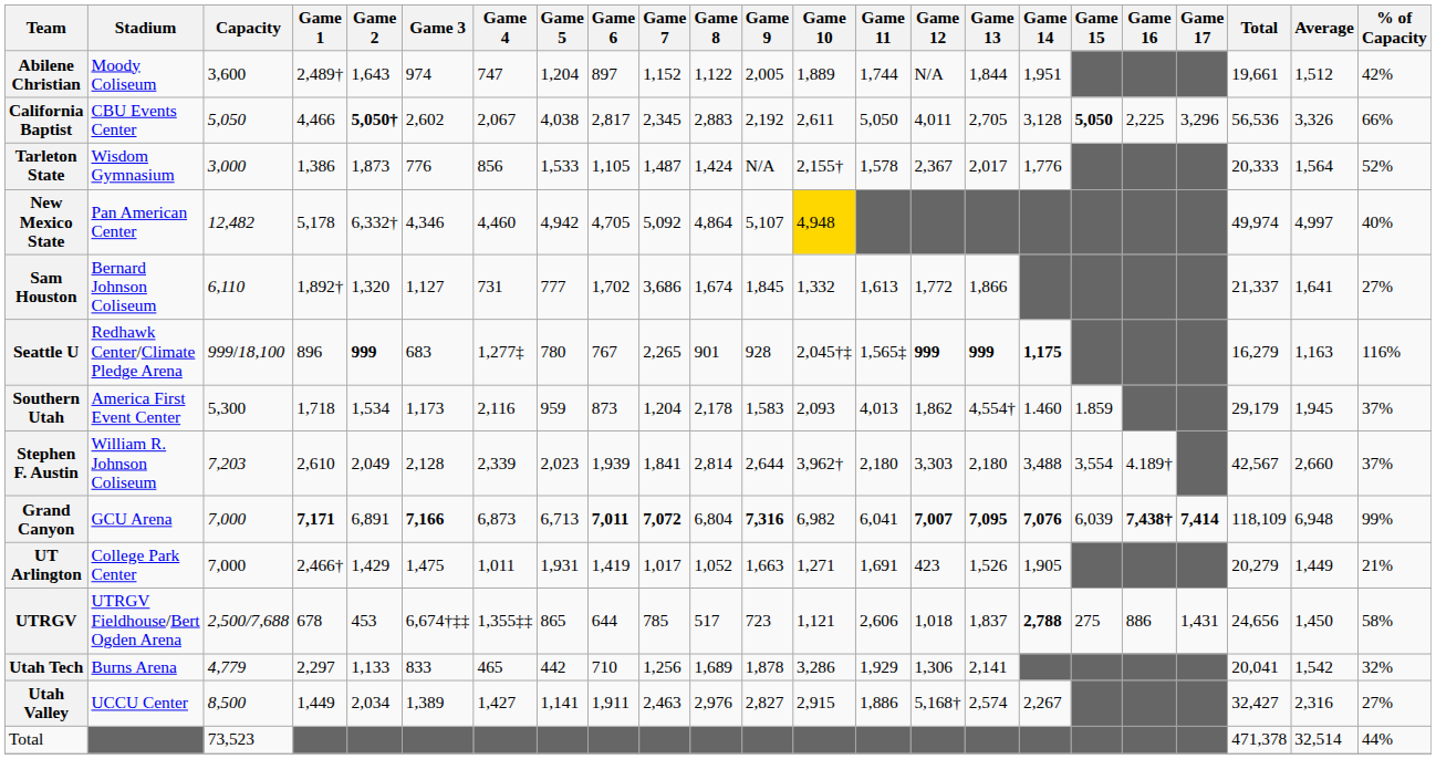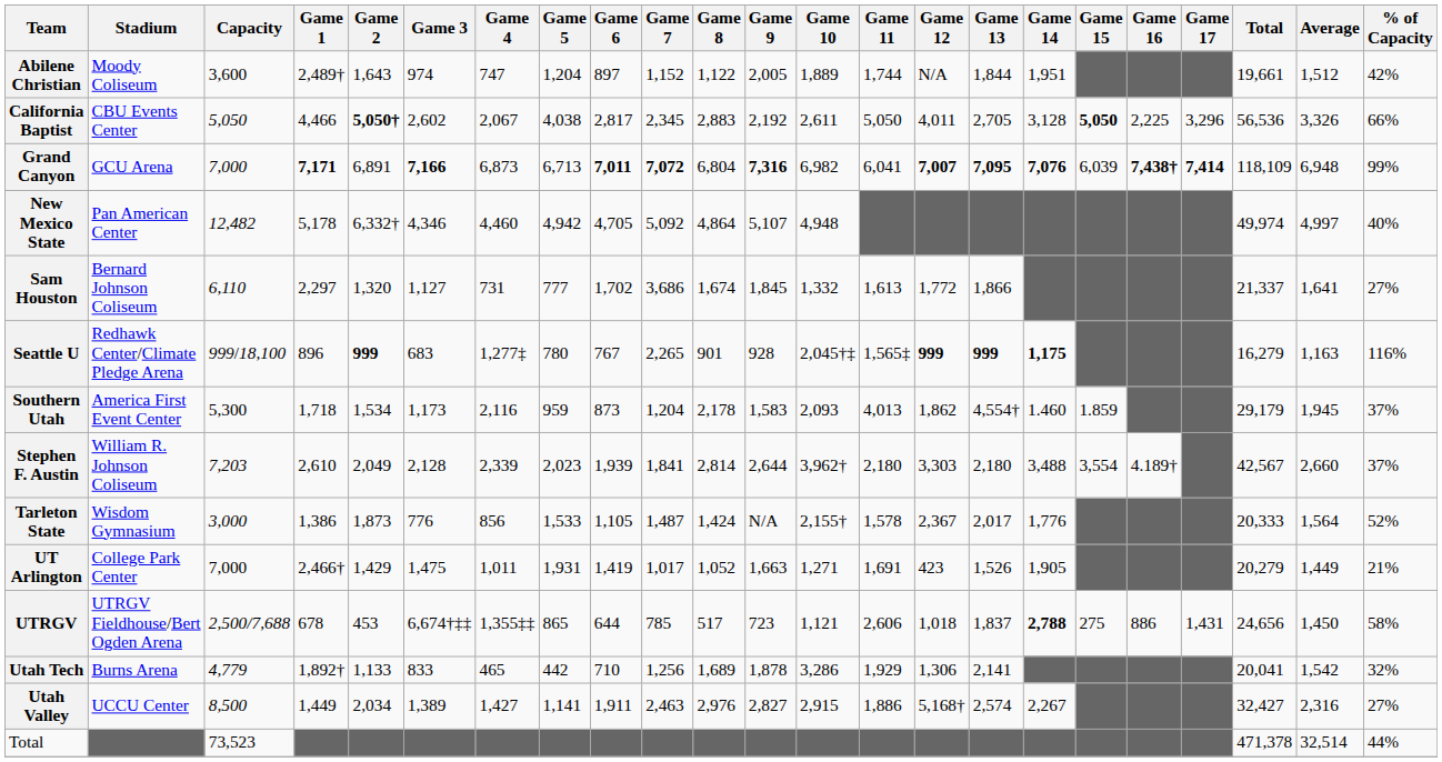 <table class="wikitable">
 <tr>
 <th>Team</th>
 <th>Stadium</th>
 <th>Capacity</th>
 <th>Game 1</th>
 <th>Game 2</th>
 <th>Game 3</th>
 <th>Game 4</th>
 <th>Game 5</th>
 <th>Game 6</th>
 <th>Game 7</th>
 <th>Game 8</th>
 <th>Game 9</th>
 <th>Game 10</th>
 <th>Game 11</th>
 <th>Game 12</th>
 <th>Game 13</th>
 <th>Game 14</th>
 <th>Game 15</th>
 <th>Game 16</th>
 <th>Game 17</th>
 <th>Total</th>
 <th>Average</th>
 <th>% of Capacity</th>
 </tr>
 <tr>
 <th style=>Abilene Christian</th>
 <td><a href='#'>Moody Coliseum</a></td>
 <td>3,600</td>
 <td>2,489†</td>
 <td>1,643</td>
 <td>974</td>
 <td>747</td>
 <td>1,204</td>
 <td>897</td>
 <td>1,152</td>
 <td>1,122</td>
 <td>2,005</td>
 <td>1,889</td>
 <td>1,744</td>
 <td>N/A</td>
 <td>1,844</td>
 <td>1,951</td>
 <td style="background:#666666;"></td>
 <td style="background:#666666;"></td>
 <td style="background:#666666;"></td>
 <td>19,661</td>
 <td>1,512</td>
 <td>42%</td>
 </tr>
 <tr>
 <th style=>California Baptist</th>
 <td><a href='#'>CBU Events Center</a></td>
 <td><em>5,050</em></td>
 <td>4,466</td>
 <td><strong>5,050†</strong></td>
 <td>2,602</td>
 <td>2,067</td>
 <td>4,038</td>
 <td>2,817</td>
 <td>2,345</td>
 <td>2,883</td>
 <td>2,192</td>
 <td>2,611</td>
 <td>5,050</td>
 <td>4,011</td>
 <td>2,705</td>
 <td>3,128</td>
 <td><strong>5,050</strong></td>
 <td>2,225</td>
 <td>3,296</td>
 <td>56,536</td>
 <td>3,326</td>
 <td>66%</td>
 </tr>
 <tr>
-<th style=>Tarleton State</th>
-<td><a href='#'>Wisdom Gymnasium</a></td>
-<td><em>3,000</em></td>
-<td>1,386</td>
-<td>1,873</td>
-<td>776</td>
-<td>856</td>
-<td>1,533</td>
-<td>1,105</td>
-<td>1,487</td>
-<td>1,424</td>
-<td>N/A</td>
-<td>2,155†</td>
-<td>1,578</td>
-<td>2,367</td>
-<td>2,017</td>
-<td>1,776</td>
-<td style="background:#666666;"></td>
-<td style="background:#666666;"></td>
-<td style="background:#666666;"></td>
-<td>20,333</td>
-<td>1,564</td>
-<td>52%</td>
+<th style=>Grand Canyon</th>
+<td><a href='#'>GCU Arena</a></td>
+<td><em>7,000</em></td>
+<td><strong>7,171</strong></td>
+<td>6,891</td>
+<td><strong>7,166</strong></td>
+<td>6,873</td>
+<td>6,713</td>
+<td><strong>7,011</strong></td>
+<td><strong>7,072</strong></td>
+<td>6,804</td>
+<td><strong>7,316</strong></td>
+<td>6,982</td>
+<td>6,041</td>
+<td><strong>7,007</strong></td>
+<td><strong>7,095</strong></td>
+<td><strong>7,076</strong></td>
+<td>6,039</td>
+<td><strong>7,438†</strong></td>
+<td><strong>7,414</strong></td>
+<td>118,109</td>
+<td>6,948</td>
+<td>99%</td>
 </tr>
 <tr>
 <th style=>New Mexico State</th>
 <td><a href='#'>Pan American Center</a></td>
 <td><em>12,482</em></td>
 <td>5,178</td>
 <td>6,332†</td>
 <td>4,346</td>
 <td>4,460</td>
 <td>4,942</td>
 <td>4,705</td>
 <td>5,092</td>
 <td>4,864</td>
 <td>5,107</td>
-<td style="background: gold;">4,948</td>
+<td>4,948</td>
 <td style="background:#666666;"></td>
 <td style="background:#666666;"></td>
 <td style="background:#666666;"></td>
 <td style="background:#666666;"></td>
 <td style="background:#666666;"></td>
 <td style="background:#666666;"></td>
 <td style="background:#666666;"></td>
 <td>49,974</td>
 <td>4,997</td>
 <td>40%</td>
 </tr>
 <tr>
 <th style=>Sam Houston</th>
 <td><a href='#'>Bernard Johnson Coliseum</a></td>
 <td><em>6,110</em></td>
-<td>1,892†</td>
+<td>2,297</td>
 <td>1,320</td>
 <td>1,127</td>
 <td>731</td>
 <td>777</td>
 <td>1,702</td>
 <td>3,686</td>
 <td>1,674</td>
 <td>1,845</td>
 <td>1,332</td>
 <td>1,613</td>
 <td>1,772</td>
 <td>1,866</td>
 <td style="background:#666666;"></td>
 <td style="background:#666666;"></td>
 <td style="background:#666666;"></td>
 <td style="background:#666666;"></td>
 <td>21,337</td>
 <td>1,641</td>
 <td>27%</td>
 </tr>
 <tr>
 <th style=>Seattle U</th>
 <td><a href='#'>Redhawk Center</a>/<a href='#'>Climate Pledge Arena</a></td>
 <td><em>999</em>/<em>18,100</em></td>
 <td>896</td>
 <td><strong>999</strong></td>
 <td>683</td>
 <td>1,277‡</td>
 <td>780</td>
 <td>767</td>
 <td>2,265</td>
 <td>901</td>
 <td>928</td>
 <td>2,045†‡</td>
 <td>1,565‡</td>
 <td><strong>999</strong></td>
 <td><strong>999</strong></td>
 <td><strong>1,175</strong></td>
 <td style="background:#666666;"></td>
 <td style="background:#666666;"></td>
 <td style="background:#666666;"></td>
 <td>16,279</td>
 <td>1,163</td>
 <td>116%</td>
 </tr>
 <tr>
 <th>Southern Utah</th>
 <td><a href='#'>America First Event Center</a></td>
 <td>5,300</td>
 <td>1,718</td>
 <td>1,534</td>
 <td>1,173</td>
 <td>2,116</td>
 <td>959</td>
 <td>873</td>
 <td>1,204</td>
 <td>2,178</td>
 <td>1,583</td>
 <td>2,093</td>
 <td>4,013</td>
 <td>1,862</td>
 <td>4,554†</td>
 <td>1.460</td>
 <td>1.859</td>
 <td style="background:#666666;"></td>
 <td style="background:#666666;"></td>
 <td>29,179</td>
 <td>1,945</td>
 <td>37%</td>
 </tr>
 <tr>
 <th style=>Stephen F. Austin</th>
 <td><a href='#'>William R. Johnson Coliseum</a></td>
 <td><em>7,203</em></td>
 <td>2,610</td>
 <td>2,049</td>
 <td>2,128</td>
 <td>2,339</td>
 <td>2,023</td>
 <td>1,939</td>
 <td>1,841</td>
 <td>2,814</td>
 <td>2,644</td>
 <td>3,962†</td>
 <td>2,180</td>
 <td>3,303</td>
 <td>2,180</td>
 <td>3,488</td>
 <td>3,554</td>
 <td>4.189†</td>
 <td style="background:#666666;"></td>
 <td>42,567</td>
 <td>2,660</td>
 <td>37%</td>
 </tr>
 <tr>
-<th style=>Grand Canyon</th>
-<td><a href='#'>GCU Arena</a></td>
-<td><em>7,000</em></td>
-<td><strong>7,171</strong></td>
-<td>6,891</td>
-<td><strong>7,166</strong></td>
-<td>6,873</td>
-<td>6,713</td>
-<td><strong>7,011</strong></td>
-<td><strong>7,072</strong></td>
-<td>6,804</td>
-<td><strong>7,316</strong></td>
-<td>6,982</td>
-<td>6,041</td>
-<td><strong>7,007</strong></td>
-<td><strong>7,095</strong></td>
-<td><strong>7,076</strong></td>
-<td>6,039</td>
-<td><strong>7,438†</strong></td>
-<td><strong>7,414</strong></td>
-<td>118,109</td>
-<td>6,948</td>
-<td>99%</td>
+<th style=>Tarleton State</th>
+<td><a href='#'>Wisdom Gymnasium</a></td>
+<td><em>3,000</em></td>
+<td>1,386</td>
+<td>1,873</td>
+<td>776</td>
+<td>856</td>
+<td>1,533</td>
+<td>1,105</td>
+<td>1,487</td>
+<td>1,424</td>
+<td>N/A</td>
+<td>2,155†</td>
+<td>1,578</td>
+<td>2,367</td>
+<td>2,017</td>
+<td>1,776</td>
+<td style="background:#666666;"></td>
+<td style="background:#666666;"></td>
+<td style="background:#666666;"></td>
+<td>20,333</td>
+<td>1,564</td>
+<td>52%</td>
 </tr>
 <tr>
 <th>UT Arlington</th>
 <td><a href='#'>College Park Center</a></td>
 <td>7,000</td>
 <td>2,466†</td>
 <td>1,429</td>
 <td>1,475</td>
 <td>1,011</td>
 <td>1,931</td>
 <td>1,419</td>
 <td>1,017</td>
 <td>1,052</td>
 <td>1,663</td>
 <td>1,271</td>
 <td>1,691</td>
 <td>423</td>
 <td>1,526</td>
 <td>1,905</td>
 <td style="background:#666666;"></td>
 <td style="background:#666666;"></td>
 <td style="background:#666666;"></td>
 <td>20,279</td>
 <td>1,449</td>
 <td>21%</td>
 </tr>
 <tr>
 <th style=>UTRGV</th>
 <td><a href='#'>UTRGV Fieldhouse</a>/<a href='#'>Bert Ogden Arena</a></td>
 <td><em>2,500/7,688</em></td>
 <td>678</td>
 <td>453</td>
 <td>6,674†‡‡</td>
 <td>1,355‡‡</td>
 <td>865</td>
 <td>644</td>
 <td>785</td>
 <td>517</td>
 <td>723</td>
 <td>1,121</td>
 <td>2,606</td>
 <td>1,018</td>
 <td>1,837</td>
 <td><strong>2,788</strong></td>
 <td>275</td>
 <td>886</td>
 <td>1,431</td>
 <td>24,656</td>
 <td>1,450</td>
 <td>58%</td>
 </tr>
 <tr>
 <th>Utah Tech</th>
 <td><a href='#'>Burns Arena</a></td>
 <td><em>4,779</em></td>
-<td>2,297</td>
+<td>1,892†</td>
 <td>1,133</td>
 <td>833</td>
 <td>465</td>
 <td>442</td>
 <td>710</td>
 <td>1,256</td>
 <td>1,689</td>
 <td>1,878</td>
 <td>3,286</td>
 <td>1,929</td>
 <td>1,306</td>
 <td>2,141</td>
 <td style="background:#666666;"></td>
 <td style="background:#666666;"></td>
 <td style="background:#666666;"></td>
 <td style="background:#666666;"></td>
 <td>20,041</td>
 <td>1,542</td>
 <td>32%</td>
 </tr>
 <tr>
 <th style=>Utah Valley</th>
 <td><a href='#'>UCCU Center</a></td>
 <td><em>8,500</em></td>
 <td>1,449</td>
 <td>2,034</td>
 <td>1,389</td>
 <td>1,427</td>
 <td>1,141</td>
 <td>1,911</td>
 <td>2,463</td>
 <td>2,976</td>
 <td>2,827</td>
 <td>2,915</td>
 <td>1,886</td>
 <td>5,168†</td>
 <td>2,574</td>
 <td>2,267</td>
 <td style="background:#666666;"></td>
 <td style="background:#666666;"></td>
 <td style="background:#666666;"></td>
 <td>32,427</td>
 <td>2,316</td>
 <td>27%</td>
 </tr>
 <tr>
 <td>Total</td>
 <td style="background:#666666;"></td>
 <td>73,523</td>
 <td style="background:#666666;"></td>
 <td style="background:#666666;"></td>
 <td style="background:#666666;"></td>
 <td style="background:#666666;"></td>
 <td style="background:#666666;"></td>
 <td style="background:#666666;"></td>
 <td style="background:#666666;"></td>
 <td style="background:#666666;"></td>
 <td style="background:#666666;"></td>
 <td style="background:#666666;"></td>
 <td style="background:#666666;"></td>
 <td style="background:#666666;"></td>
 <td style="background:#666666;"></td>
 <td style="background:#666666;"></td>
 <td style="background:#666666;"></td>
 <td style="background:#666666;"></td>
 <td style="background:#666666;"></td>
 <td>471,378</td>
 <td>32,514</td>
 <td>44%</td>
 </tr>
 <tr>
 </tr>
 </table>
